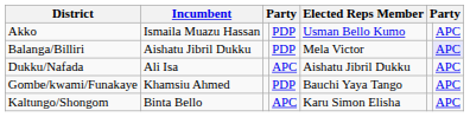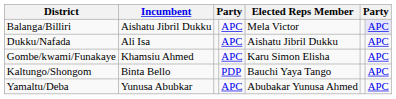 <table class="sortable wikitable" style="font-size:95%;line-height:14px;">
 <tr>
 <th class="unsortable">District</th>
 <th class="unsortable"><a href='#'>Incumbent</a></th>
 <th colspan="2">Party</th>
 <th class="unsortable">Elected Reps Member</th>
 <th colspan="2">Party</th>
 </tr>
 <tr>
-<td>Akko</td>
-<td>Ismaila Muazu Hassan</td>
-<td style="background:"></td>
-<td><a href='#'>PDP</a></td>
-<td><a href='#'>Usman Bello Kumo</a></td>
-<td style="background:"></td>
-<td><a href='#'>APC</a></td>
-</tr>
-<tr>
 <td>Balanga/Billiri</td>
 <td>Aishatu Jibril Dukku</td>
 <td style="background-color:"></td>
-<td><a href='#'>PDP</a></td>
+<td><a href='#'>APC</a></td>
 <td>Mela Victor</td>
 <td style="background:"></td>
 <td style="background: lavender;"><a href='#'>APC</a></td>
 </tr>
 <tr>
 <td>Dukku/Nafada</td>
 <td>Ali Isa</td>
 <td style="background:"></td>
 <td><a href='#'>APC</a></td>
 <td>Aishatu Jibril Dukku</td>
 <td style="background:"></td>
 <td><a href='#'>APC</a></td>
 </tr>
 <tr>
 <td>Gombe/kwami/Funakaye</td>
 <td>Khamsiu Ahmed</td>
 <td style="background:"></td>
-<td><a href='#'>PDP</a></td>
-<td>Bauchi Yaya Tango</td>
+<td><a href='#'>APC</a></td>
+<td>Karu Simon Elisha</td>
 <td style="background:"></td>
 <td><a href='#'>APC</a></td>
 </tr>
 <tr>
 <td>Kaltungo/Shongom</td>
 <td>Binta Bello</td>
 <td style="background-color:"></td>
+<td><a href='#'>PDP</a></td>
+<td>Bauchi Yaya Tango</td>
+<td style="background:"></td>
 <td><a href='#'>APC</a></td>
-<td>Karu Simon Elisha</td>
+</tr>
+<tr>
+<td>Yamaltu/Deba</td>
+<td>Yunusa Abubkar</td>
+<td style="background:"></td>
+<td><a href='#'>APC</a></td>
+<td>Abubakar Yunusa Ahmed</td>
 <td style="background:"></td>
 <td><a href='#'>APC</a></td>
 </tr>
 </table>
